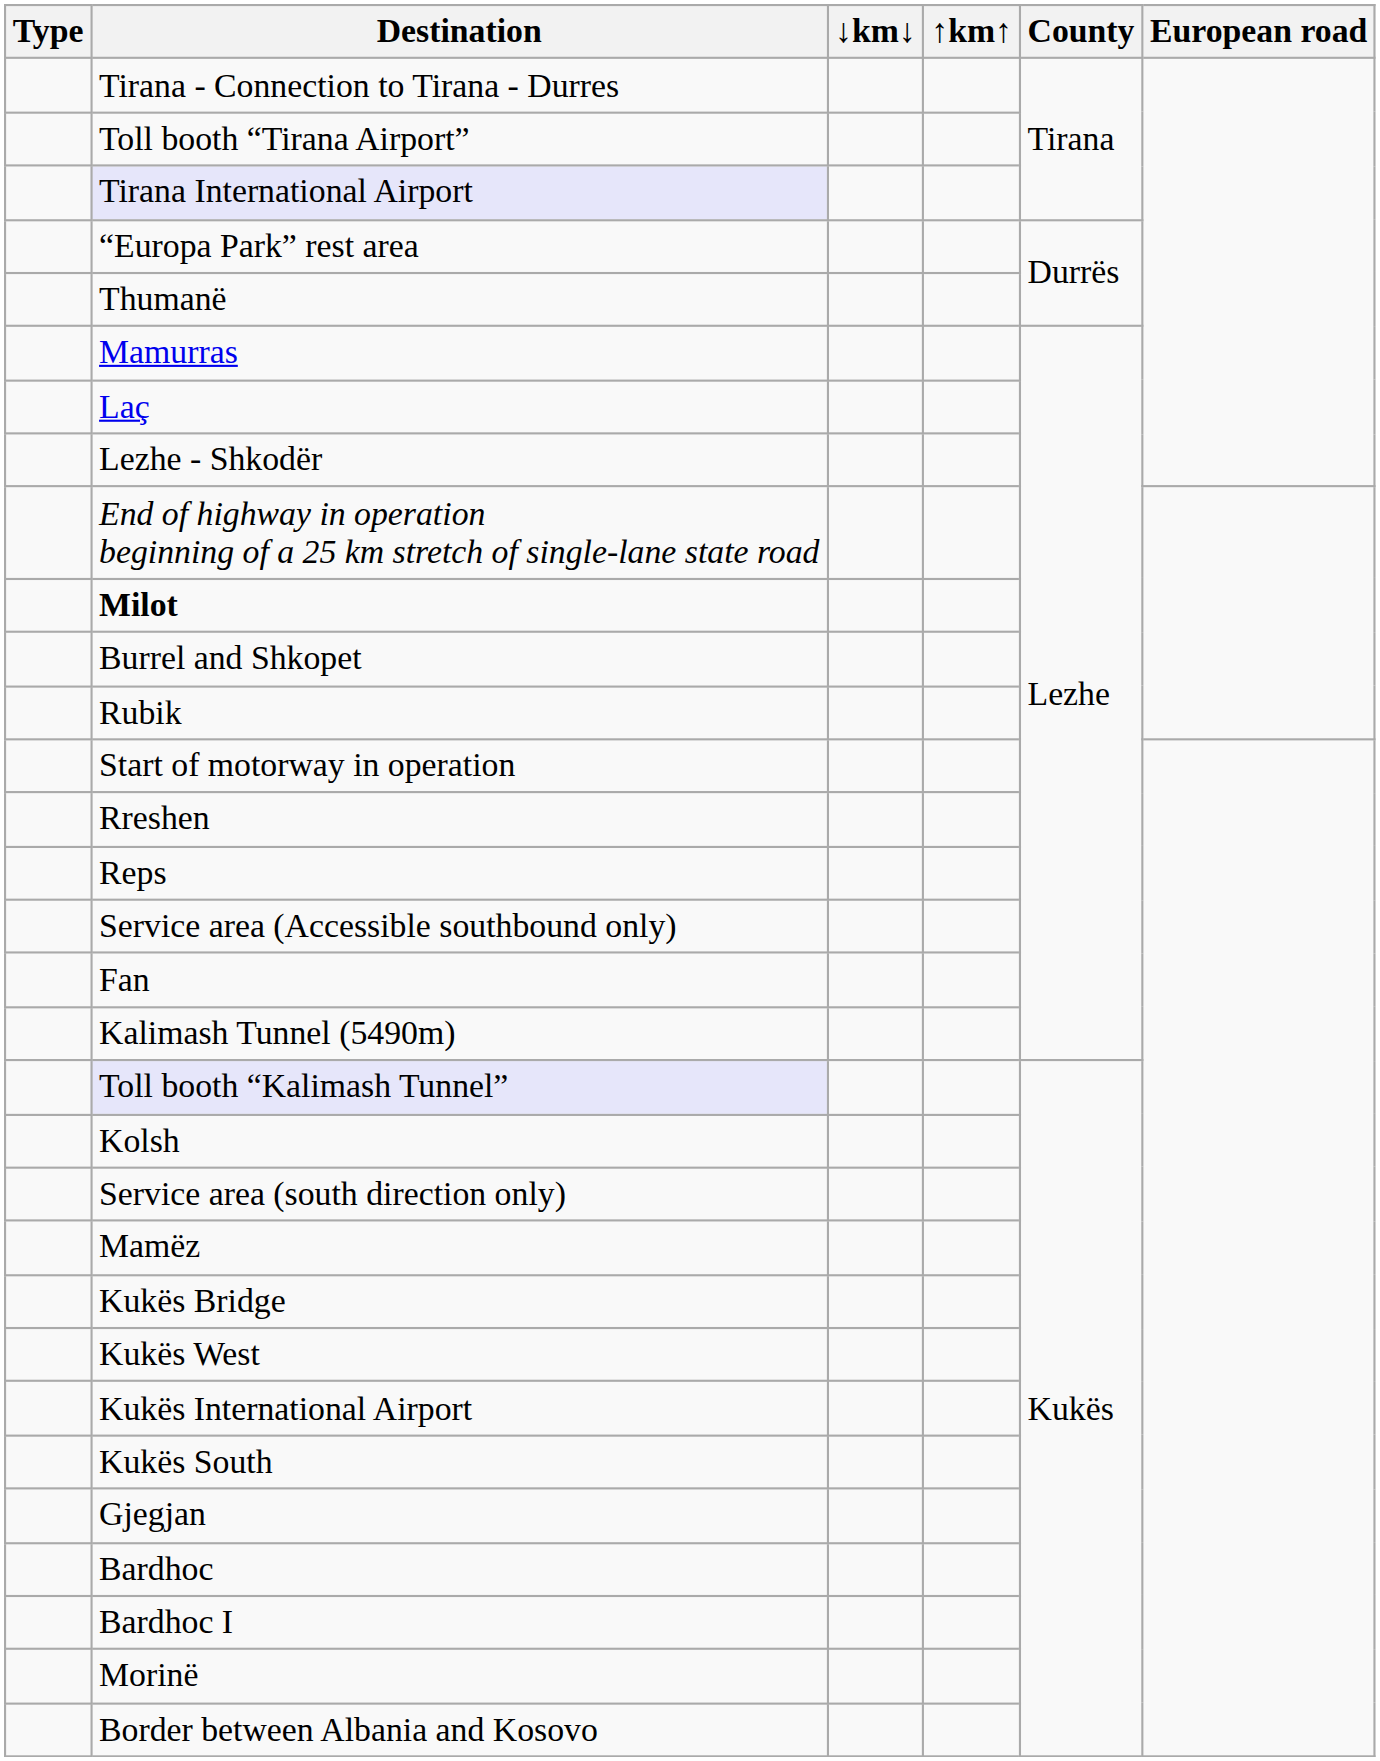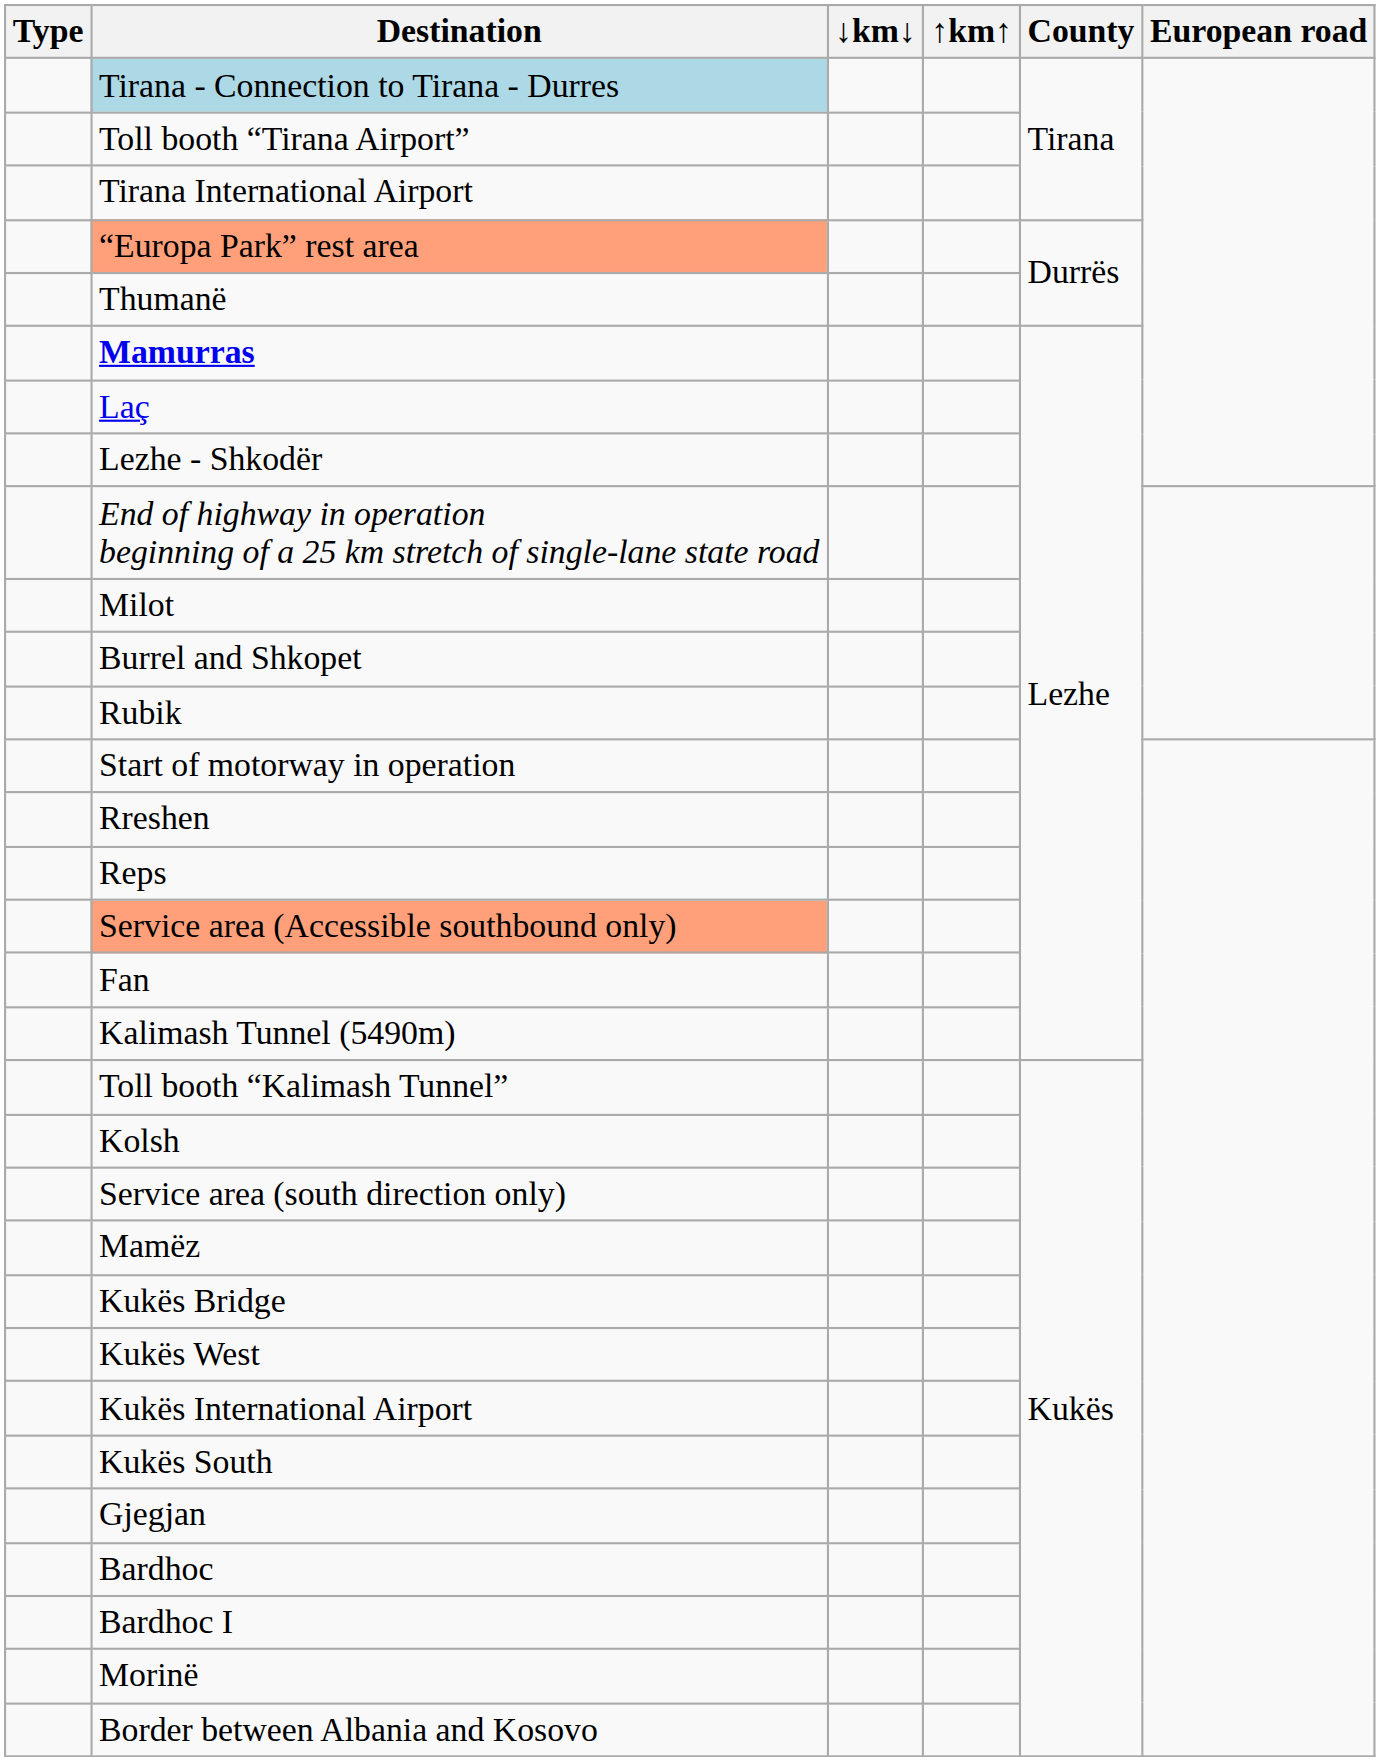 <table class="wikitable collapsible">
 <tr>
 <th scope="col">Type</th>
 <th scope="col">Destination</th>
 <th scope="col"><strong>↓km↓</strong></th>
 <th>↑km↑</th>
 <th>County</th>
 <th>European road</th>
 </tr>
 <tr>
 <td></td>
-<td>Tirana - Connection to  Tirana - Durres</td>
+<td style="background: lightblue;">Tirana - Connection to  Tirana - Durres</td>
 <td></td>
 <td></td>
 <td rowspan="3">Tirana</td>
 <td rowspan="8"></td>
 </tr>
 <tr>
 <td></td>
 <td>Toll booth “Tirana Airport”</td>
 <td></td>
 <td></td>
 </tr>
 <tr>
 <td></td>
-<td style="background: lavender;"> Tirana International Airport</td>
+<td> Tirana International Airport</td>
 <td></td>
 <td></td>
 </tr>
 <tr>
 <td></td>
-<td>“Europa Park” rest area</td>
+<td style="background: lightsalmon;">“Europa Park” rest area</td>
 <td></td>
 <td></td>
 <td rowspan="2">Durrës</td>
 </tr>
 <tr>
 <td></td>
 <td>Thumanë</td>
 <td></td>
 <td></td>
 </tr>
 <tr>
 <td></td>
-<td><a href='#'>Mamurras</a></td>
+<td><strong><a href='#'>Mamurras</a></strong></td>
 <td></td>
 <td></td>
 <td rowspan="13">Lezhe</td>
 </tr>
 <tr>
 <td></td>
 <td><a href='#'>Laç</a></td>
 <td></td>
 <td></td>
 </tr>
 <tr>
 <td></td>
 <td> Lezhe - Shkodër</td>
 <td></td>
 <td></td>
 </tr>
 <tr>
 <td></td>
 <td><em>End of highway in operation</em><br><em>beginning of a 25 km stretch of single-lane state road</em></td>
 <td></td>
 <td></td>
 <td rowspan="4"></td>
 </tr>
 <tr>
 <td></td>
-<td><strong>Milot</strong></td>
+<td>Milot</td>
 <td></td>
 <td></td>
 </tr>
 <tr>
 <td></td>
 <td> Burrel and Shkopet</td>
 <td></td>
 <td></td>
 </tr>
 <tr>
 <td></td>
 <td>Rubik</td>
 <td></td>
 <td></td>
 </tr>
 <tr>
 <td></td>
 <td>Start of motorway in operation</td>
 <td></td>
 <td></td>
 <td rowspan="19"></td>
 </tr>
 <tr>
 <td></td>
 <td> Rreshen</td>
 <td></td>
 <td></td>
 </tr>
 <tr>
 <td></td>
 <td>Reps</td>
 <td></td>
 <td></td>
 </tr>
 <tr>
 <td></td>
-<td>Service area (Accessible southbound only)</td>
+<td style="background: lightsalmon;">Service area (Accessible southbound only)</td>
 <td></td>
 <td></td>
 </tr>
 <tr>
 <td></td>
 <td>Fan</td>
 <td></td>
 <td></td>
 </tr>
 <tr>
 <td></td>
 <td>Kalimash Tunnel (5490m)</td>
 <td></td>
 <td></td>
 </tr>
 <tr>
 <td></td>
-<td style="background: lavender;">Toll booth “Kalimash Tunnel”</td>
+<td>Toll booth “Kalimash Tunnel”</td>
 <td></td>
 <td></td>
 <td rowspan="13">Kukës</td>
 </tr>
 <tr>
 <td></td>
 <td> Kolsh</td>
 <td></td>
 <td></td>
 </tr>
 <tr>
 <td></td>
 <td>Service area (south direction only)</td>
 <td></td>
 <td></td>
 </tr>
 <tr>
 <td></td>
 <td>Mamëz</td>
 <td></td>
 <td></td>
 </tr>
 <tr>
 <td></td>
 <td>Kukës Bridge</td>
 <td></td>
 <td></td>
 </tr>
 <tr>
 <td></td>
 <td>Kukës West</td>
 <td></td>
 <td></td>
 </tr>
 <tr>
 <td></td>
 <td> Kukës International Airport</td>
 <td></td>
 <td></td>
 </tr>
 <tr>
 <td></td>
 <td>Kukës South</td>
 <td></td>
 <td></td>
 </tr>
 <tr>
 <td></td>
 <td>Gjegjan</td>
 <td></td>
 <td></td>
 </tr>
 <tr>
 <td></td>
 <td>Bardhoc</td>
 <td></td>
 <td></td>
 </tr>
 <tr>
 <td></td>
 <td>Bardhoc I</td>
 <td></td>
 <td></td>
 </tr>
 <tr>
 <td></td>
 <td>Morinë</td>
 <td></td>
 <td></td>
 </tr>
 <tr>
 <td></td>
 <td>Border between Albania and Kosovo  </td>
 <td></td>
 <td></td>
 </tr>
 </table>
